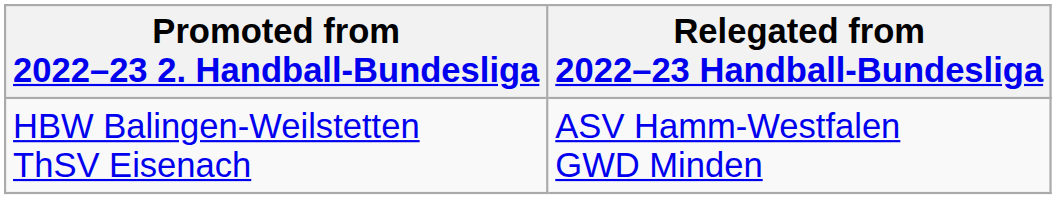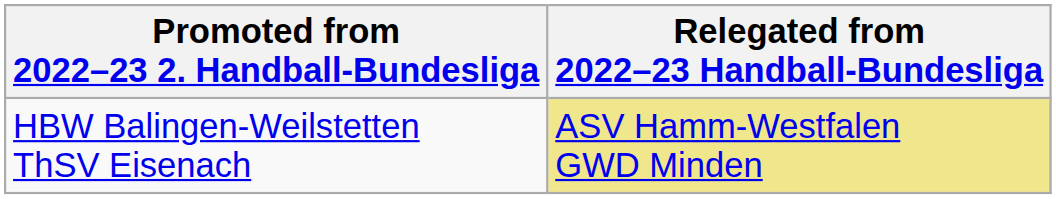 <table class="wikitable">
 <tr>
 <th>Promoted from<br><a href='#'>2022–23 2. Handball-Bundesliga</a></th>
 <th>Relegated from<br><a href='#'>2022–23 Handball-Bundesliga</a></th>
 </tr>
 <tr>
 <td><a href='#'>HBW Balingen-Weilstetten</a><br><a href='#'>ThSV Eisenach</a></td>
-<td><a href='#'>ASV Hamm-Westfalen</a><br><a href='#'>GWD Minden</a></td>
+<td style="background: khaki;"><a href='#'>ASV Hamm-Westfalen</a><br><a href='#'>GWD Minden</a></td>
 </tr>
 </table>
